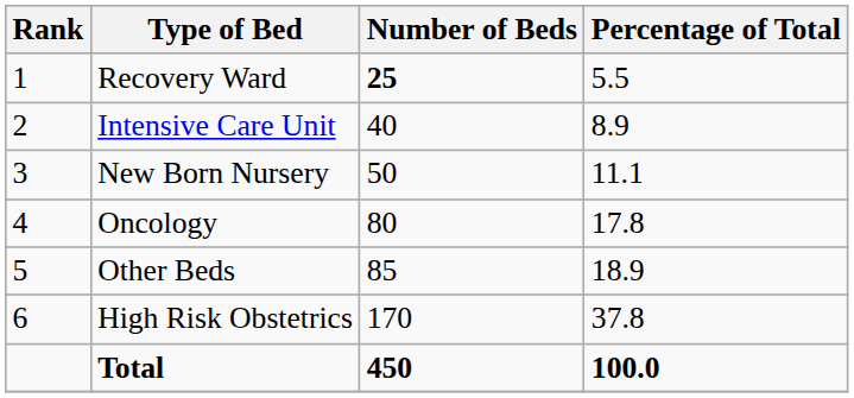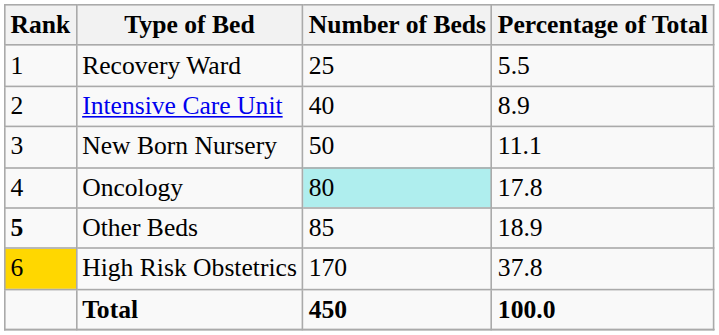 <table class="wikitable sortable" style="margin: 0.5em auto">
 <tr>
 <th>Rank</th>
 <th>Type of Bed</th>
 <th>Number of Beds</th>
 <th>Percentage of Total</th>
 </tr>
 <tr>
 <td>1</td>
 <td>Recovery Ward</td>
-<td><strong>25</strong></td>
+<td>25</td>
 <td>5.5</td>
 </tr>
 <tr>
 <td>2</td>
 <td><a href='#'>Intensive Care Unit</a></td>
 <td>40</td>
 <td>8.9</td>
 </tr>
 <tr>
 <td>3</td>
 <td>New Born Nursery</td>
 <td>50</td>
 <td>11.1</td>
 </tr>
 <tr>
 <td>4</td>
 <td>Oncology</td>
-<td>80</td>
+<td style="background: paleturquoise;">80</td>
 <td>17.8</td>
 </tr>
 <tr>
-<td>5</td>
+<td><strong>5</strong></td>
 <td>Other Beds</td>
 <td>85</td>
 <td>18.9</td>
 </tr>
 <tr>
-<td>6</td>
+<td style="background: gold;">6</td>
 <td>High Risk Obstetrics</td>
 <td>170</td>
 <td>37.8</td>
 </tr>
 <tr>
 <td></td>
 <td><strong>Total</strong></td>
 <td><strong>450</strong></td>
 <td><strong>100.0</strong></td>
 </tr>
 <tr>
 </tr>
 </table>
